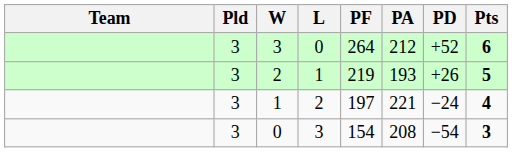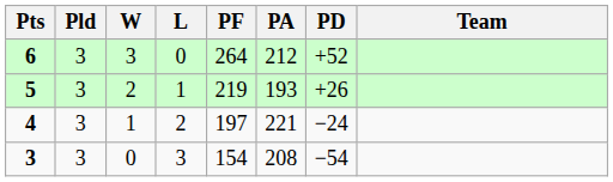 <table class=wikitable style="text-align:center">
 <tr>
-<th width=180>Team</th>
+<th width=30>Pts</th>
 <th width=30>Pld</th>
 <th width=30>W</th>
 <th width=30>L</th>
 <th width=30>PF</th>
 <th width=30>PA</th>
 <th width=30>PD</th>
-<th width=30>Pts</th>
+<th width=180>Team</th>
 </tr>
 <tr bgcolor="#ccffcc">
-<td align=left></td>
+<td><strong>6</strong></td>
 <td>3</td>
 <td>3</td>
 <td>0</td>
 <td>264</td>
 <td>212</td>
 <td>+52</td>
-<td><strong>6</strong></td>
+<td align=left></td>
 </tr>
 <tr bgcolor="#ccffcc">
-<td align=left></td>
+<td><strong>5</strong></td>
 <td>3</td>
 <td>2</td>
 <td>1</td>
 <td>219</td>
 <td>193</td>
 <td>+26</td>
-<td><strong>5</strong></td>
+<td align=left></td>
 </tr>
 <tr align=center>
-<td align=left></td>
+<td><strong>4</strong></td>
 <td>3</td>
 <td>1</td>
 <td>2</td>
 <td>197</td>
 <td>221</td>
 <td>−24</td>
-<td><strong>4</strong></td>
+<td align=left></td>
 </tr>
 <tr align=center>
-<td align=left></td>
+<td><strong>3</strong></td>
 <td>3</td>
 <td>0</td>
 <td>3</td>
 <td>154</td>
 <td>208</td>
 <td>−54</td>
-<td><strong>3</strong></td>
+<td align=left></td>
 </tr>
 </table>
